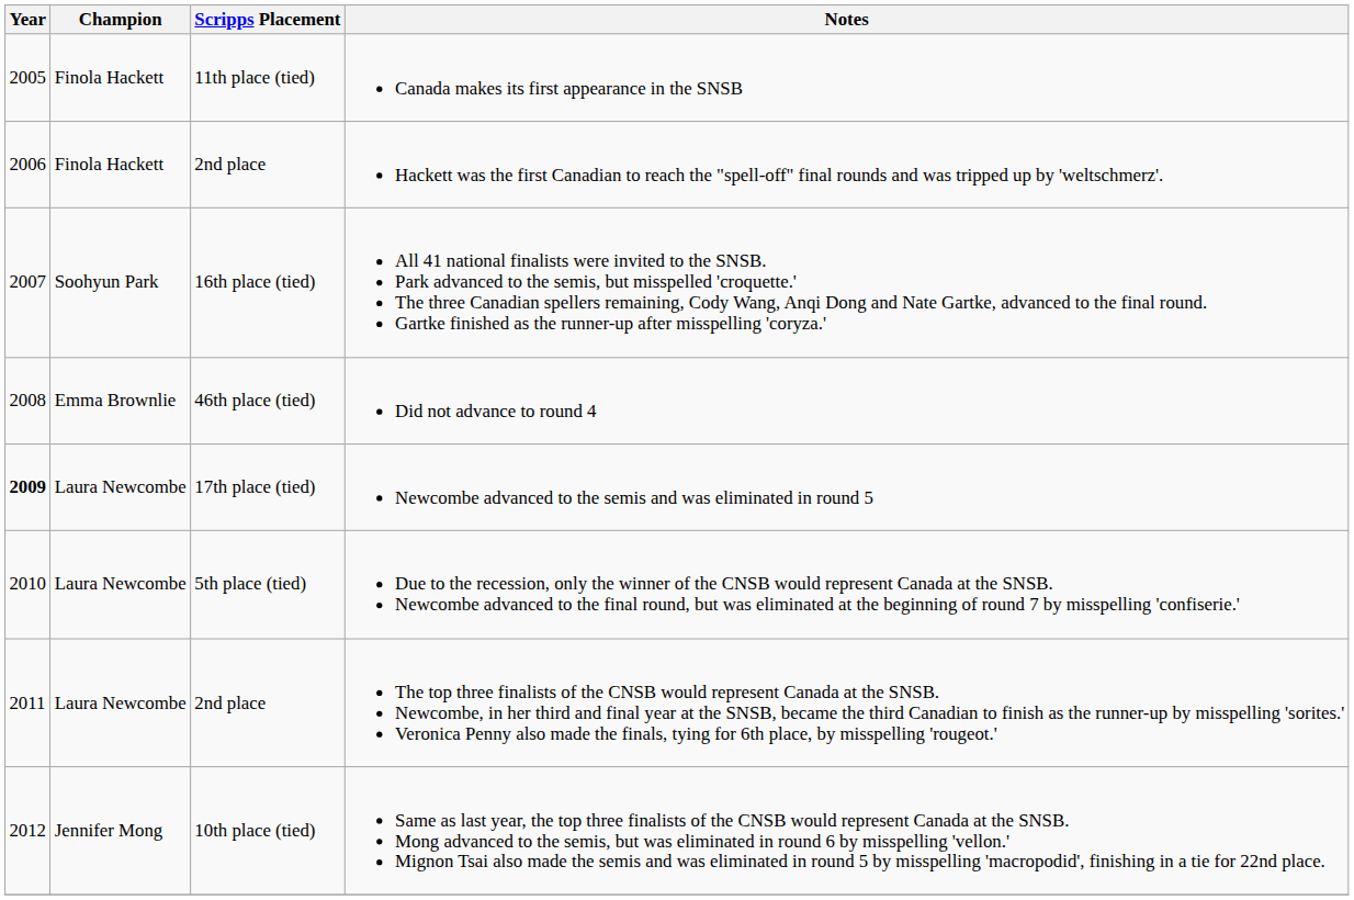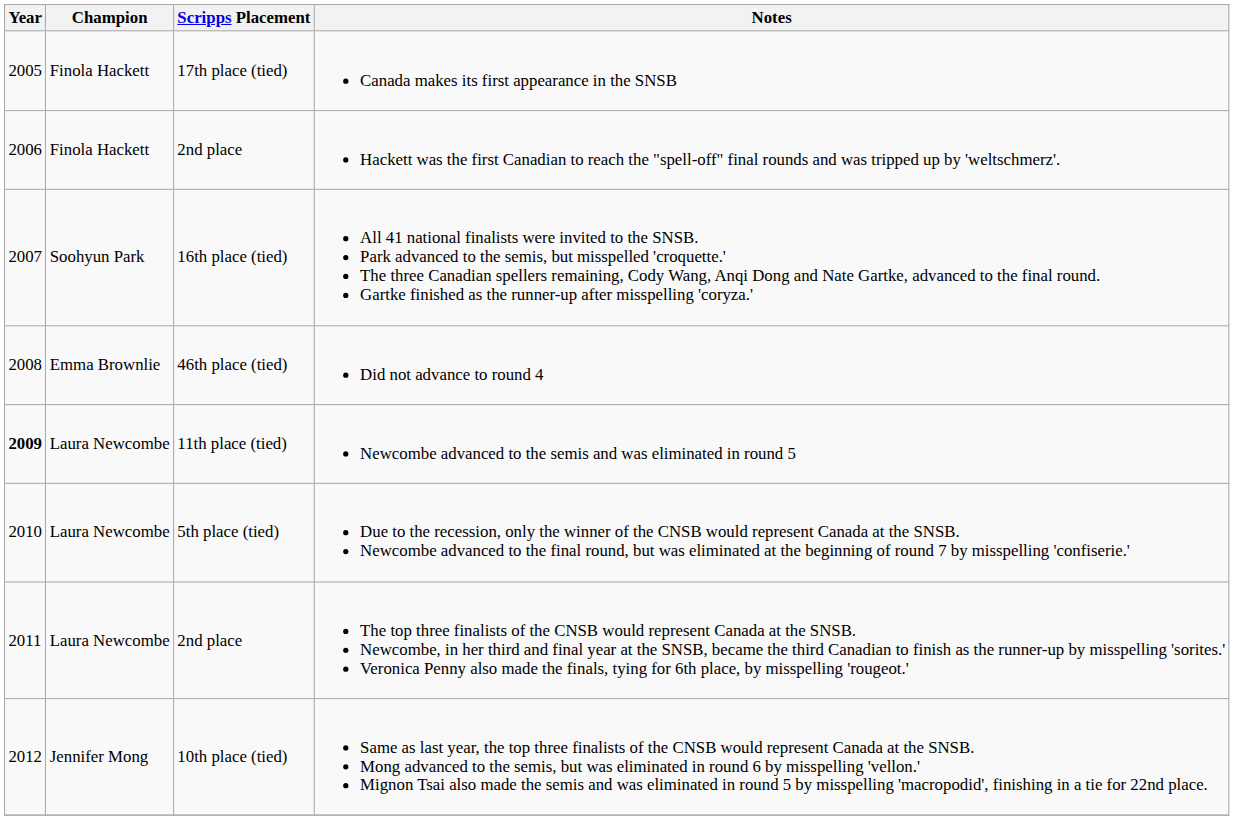 <table class="wikitable">
 <tr>
 <th>Year</th>
 <th>Champion</th>
 <th><a href='#'>Scripps</a> Placement</th>
 <th>Notes</th>
 </tr>
 <tr>
 <td>2005</td>
 <td>Finola Hackett</td>
-<td>11th place (tied)</td>
+<td>17th place (tied)</td>
 <td><br><ul><li>Canada makes its first appearance in the SNSB</li></ul></td>
 </tr>
 <tr>
 <td>2006</td>
 <td>Finola Hackett</td>
 <td>2nd place</td>
 <td><br><ul><li>Hackett was the first Canadian to reach the "spell-off" final rounds and was tripped up by 'weltschmerz'.</li></ul></td>
 </tr>
 <tr>
 <td>2007</td>
 <td>Soohyun Park</td>
 <td>16th place (tied)</td>
 <td><br><ul><li>All 41 national finalists were invited to the SNSB.</li><li>Park advanced to the semis, but misspelled 'croquette.'</li><li>The three Canadian spellers remaining, Cody Wang, Anqi Dong and Nate Gartke, advanced to the final round.</li><li>Gartke finished as the runner-up after misspelling 'coryza.'</li></ul></td>
 </tr>
 <tr>
 <td>2008</td>
 <td>Emma Brownlie</td>
 <td>46th place (tied)</td>
 <td><br><ul><li>Did not advance to round 4</li></ul></td>
 </tr>
 <tr>
 <td><strong>2009</strong></td>
 <td>Laura Newcombe</td>
-<td>17th place (tied)</td>
+<td>11th place (tied)</td>
 <td><br><ul><li>Newcombe advanced to the semis and was eliminated in round 5</li></ul></td>
 </tr>
 <tr>
 <td>2010</td>
 <td>Laura Newcombe</td>
 <td>5th place (tied)</td>
 <td><br><ul><li>Due to the recession, only the winner of the CNSB would represent Canada at the SNSB.</li><li>Newcombe advanced to the final round, but was eliminated at the beginning of round 7 by misspelling 'confiserie.'</li></ul></td>
 </tr>
 <tr>
 <td>2011</td>
 <td>Laura Newcombe</td>
 <td>2nd place</td>
 <td><br><ul><li>The top three finalists of the CNSB would represent Canada at the SNSB.</li><li>Newcombe, in her third and final year at the SNSB, became the third Canadian to finish as the runner-up by misspelling 'sorites.'</li><li>Veronica Penny also made the finals, tying for 6th place, by misspelling 'rougeot.'</li></ul></td>
 </tr>
 <tr>
 <td>2012</td>
 <td>Jennifer Mong</td>
 <td>10th place (tied)</td>
 <td><br><ul><li>Same as last year, the top three finalists of the CNSB would represent Canada at the SNSB.</li><li>Mong advanced to the semis, but was eliminated in round 6 by misspelling 'vellon.'</li><li>Mignon Tsai also made the semis and was eliminated in round 5 by misspelling 'macropodid', finishing in a tie for 22nd place.</li></ul></td>
 </tr>
 <tr>
 </tr>
 </table>
